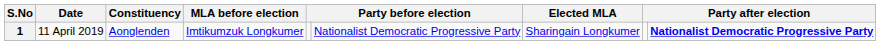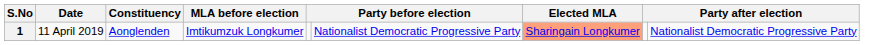 <table class="wikitable sortable">
 <tr>
 <th>S.No</th>
 <th>Date</th>
 <th>Constituency</th>
 <th>MLA before election</th>
 <th colspan="2">Party before election</th>
 <th>Elected MLA</th>
 <th colspan="2">Party after election</th>
 </tr>
 <tr>
 <th>1</th>
 <td>11 April 2019</td>
 <td><a href='#'>Aonglenden</a></td>
 <td><a href='#'>Imtikumzuk Longkumer</a></td>
 <td></td>
 <td><a href='#'>Nationalist Democratic Progressive Party</a></td>
-<td><a href='#'>Sharingain Longkumer</a></td>
+<td style="background: lightsalmon;"><a href='#'>Sharingain Longkumer</a></td>
 <td></td>
-<td><strong><a href='#'>Nationalist Democratic Progressive Party</a></strong></td>
+<td><a href='#'>Nationalist Democratic Progressive Party</a></td>
 </tr>
 </table>
